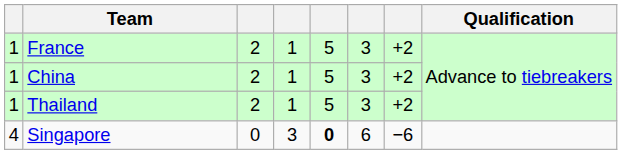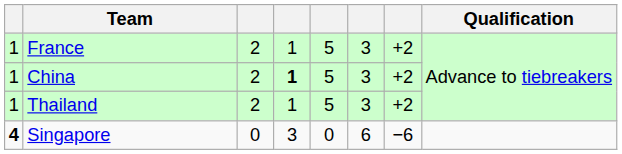 <table class=wikitable style="text-align:center;">
 <tr>
 <th></th>
 <th style="width:180px;">Team</th>
 <th style="width:25px;"></th>
 <th style="width:25px;"></th>
 <th style="width:25px;"></th>
 <th style="width:25px;"></th>
 <th style="width:25px;"></th>
 <th>Qualification</th>
 </tr>
 <tr style="background:#cfc;">
 <td>1</td>
 <td align=left> <a href='#'>France</a></td>
 <td>2</td>
 <td>1</td>
 <td>5</td>
 <td>3</td>
 <td>+2</td>
 <td rowspan=3>Advance to <a href='#'>tiebreakers</a></td>
 </tr>
 <tr style="background:#cfc;">
 <td>1</td>
 <td align=left> <a href='#'>China</a></td>
 <td>2</td>
-<td>1</td>
+<td><strong>1</strong></td>
 <td>5</td>
 <td>3</td>
 <td>+2</td>
 </tr>
 <tr style="background:#cfc;">
 <td>1</td>
 <td align=left> <a href='#'>Thailand</a></td>
 <td>2</td>
 <td>1</td>
 <td>5</td>
 <td>3</td>
 <td>+2</td>
 </tr>
 <tr>
-<td>4</td>
+<td><strong>4</strong></td>
 <td align=left> <a href='#'>Singapore</a></td>
 <td>0</td>
 <td>3</td>
-<td><strong>0</strong></td>
+<td>0</td>
 <td>6</td>
 <td>−6</td>
 <td></td>
 </tr>
 </table>
